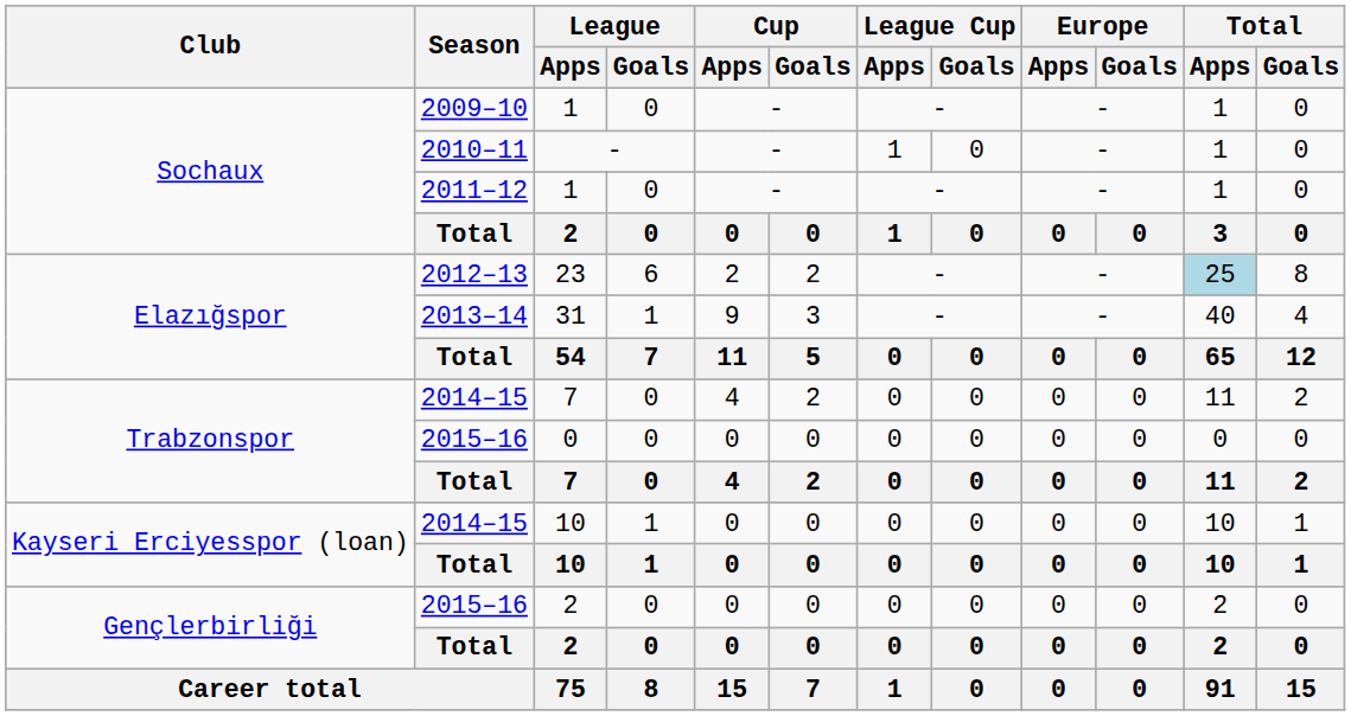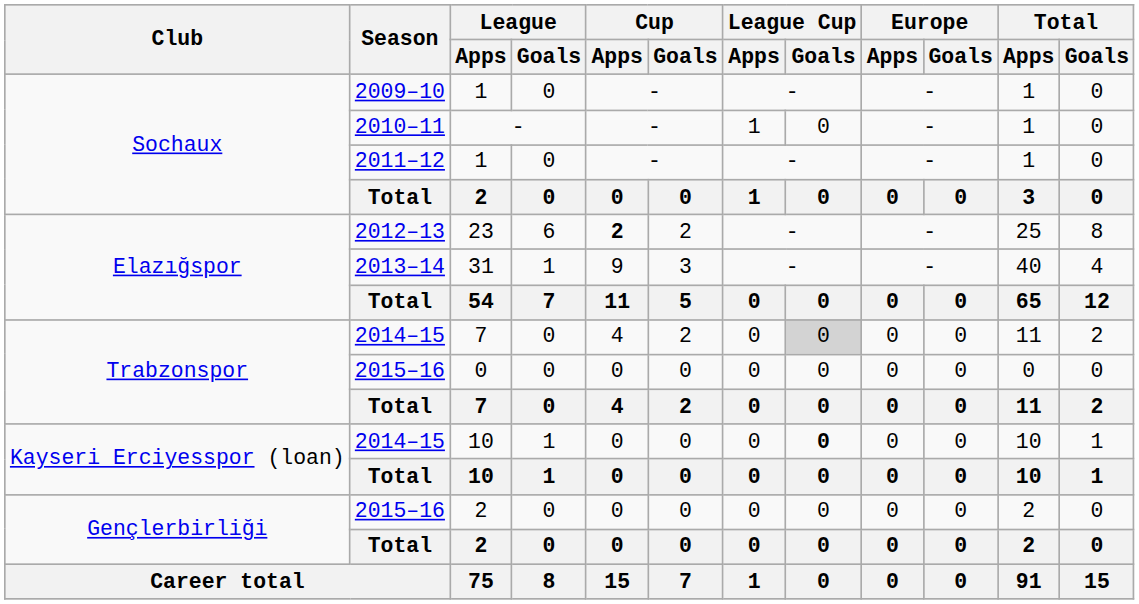 <table class="wikitable" style="text-align: center;">
 <tr>
 <th rowspan="2">Club</th>
 <th rowspan="2">Season</th>
 <th colspan="2">League</th>
 <th colspan="2">Cup</th>
 <th colspan="2">League Cup</th>
 <th colspan="2">Europe</th>
 <th colspan="2">Total</th>
 </tr>
 <tr>
 <th>Apps</th>
 <th>Goals</th>
 <th>Apps</th>
 <th>Goals</th>
 <th>Apps</th>
 <th>Goals</th>
 <th>Apps</th>
 <th>Goals</th>
 <th>Apps</th>
 <th>Goals</th>
 </tr>
 <tr>
 <td rowspan="4"><a href='#'>Sochaux</a></td>
 <td><a href='#'>2009–10</a></td>
 <td>1</td>
 <td>0</td>
 <td colspan="2">-</td>
 <td colspan="2">-</td>
 <td colspan="2">-</td>
 <td>1</td>
 <td>0</td>
 </tr>
 <tr>
 <td><a href='#'>2010–11</a></td>
 <td colspan="2">-</td>
 <td colspan="2">-</td>
 <td>1</td>
 <td>0</td>
 <td colspan="2">-</td>
 <td>1</td>
 <td>0</td>
 </tr>
 <tr>
 <td><a href='#'>2011–12</a></td>
 <td>1</td>
 <td>0</td>
 <td colspan="2">-</td>
 <td colspan="2">-</td>
 <td colspan="2">-</td>
 <td>1</td>
 <td>0</td>
 </tr>
 <tr>
 <th>Total</th>
 <th>2</th>
 <th>0</th>
 <th>0</th>
 <th>0</th>
 <th>1</th>
 <th>0</th>
 <th>0</th>
 <th>0</th>
 <th>3</th>
 <th>0</th>
 </tr>
 <tr>
 <td rowspan="3"><a href='#'>Elazığspor</a></td>
 <td><a href='#'>2012–13</a></td>
 <td>23</td>
 <td>6</td>
-<td>2</td>
+<td><strong>2</strong></td>
 <td>2</td>
 <td colspan="2">-</td>
 <td colspan="2">-</td>
-<td style="background: lightblue;">25</td>
+<td>25</td>
 <td>8</td>
 </tr>
 <tr>
 <td><a href='#'>2013–14</a></td>
 <td>31</td>
 <td>1</td>
 <td>9</td>
 <td>3</td>
 <td colspan="2">-</td>
 <td colspan="2">-</td>
 <td>40</td>
 <td>4</td>
 </tr>
 <tr>
 <th>Total</th>
 <th>54</th>
 <th>7</th>
 <th>11</th>
 <th>5</th>
 <th>0</th>
 <th>0</th>
 <th>0</th>
 <th>0</th>
 <th>65</th>
 <th>12</th>
 </tr>
 <tr>
 <td rowspan="3"><a href='#'>Trabzonspor</a></td>
 <td><a href='#'>2014–15</a></td>
 <td>7</td>
 <td>0</td>
 <td>4</td>
 <td>2</td>
 <td>0</td>
-<td>0</td>
+<td style="background: lightgrey;">0</td>
 <td>0</td>
 <td>0</td>
 <td>11</td>
 <td>2</td>
 </tr>
 <tr>
 <td><a href='#'>2015–16</a></td>
 <td>0</td>
 <td>0</td>
 <td>0</td>
 <td>0</td>
 <td>0</td>
 <td>0</td>
 <td>0</td>
 <td>0</td>
 <td>0</td>
 <td>0</td>
 </tr>
 <tr>
 <th>Total</th>
 <th>7</th>
 <th>0</th>
 <th>4</th>
 <th>2</th>
 <th>0</th>
 <th>0</th>
 <th>0</th>
 <th>0</th>
 <th>11</th>
 <th>2</th>
 </tr>
 <tr>
 <td rowspan="2"><a href='#'>Kayseri Erciyesspor</a> (loan)</td>
 <td><a href='#'>2014–15</a></td>
 <td>10</td>
 <td>1</td>
 <td>0</td>
 <td>0</td>
 <td>0</td>
-<td>0</td>
+<td><strong>0</strong></td>
 <td>0</td>
 <td>0</td>
 <td>10</td>
 <td>1</td>
 </tr>
 <tr>
 <th>Total</th>
 <th>10</th>
 <th>1</th>
 <th>0</th>
 <th>0</th>
 <th>0</th>
 <th>0</th>
 <th>0</th>
 <th>0</th>
 <th>10</th>
 <th>1</th>
 </tr>
 <tr>
 <td rowspan="2"><a href='#'>Gençlerbirliği</a></td>
 <td><a href='#'>2015–16</a></td>
 <td>2</td>
 <td>0</td>
 <td>0</td>
 <td>0</td>
 <td>0</td>
 <td>0</td>
 <td>0</td>
 <td>0</td>
 <td>2</td>
 <td>0</td>
 </tr>
 <tr>
 <th>Total</th>
 <th>2</th>
 <th>0</th>
 <th>0</th>
 <th>0</th>
 <th>0</th>
 <th>0</th>
 <th>0</th>
 <th>0</th>
 <th>2</th>
 <th>0</th>
 </tr>
 <tr>
 <th colspan="2">Career total</th>
 <th>75</th>
 <th>8</th>
 <th>15</th>
 <th>7</th>
 <th>1</th>
 <th>0</th>
 <th>0</th>
 <th>0</th>
 <th>91</th>
 <th>15</th>
 </tr>
 </table>
